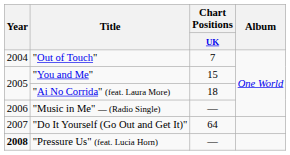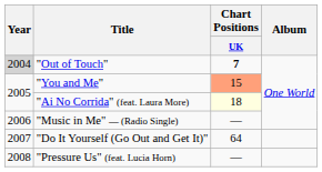 <table class="wikitable">
 <tr>
 <th rowspan="2">Year</th>
 <th rowspan="2">Title</th>
 <th colspan="1">Chart Positions</th>
 <th rowspan="2">Album</th>
 </tr>
 <tr>
 <th width="50"><small><a href='#'>UK</a></small></th>
 </tr>
 <tr>
-<td>2004</td>
+<td style="background: lightgrey;">2004</td>
 <td>"<a href='#'>Out of Touch</a>"</td>
-<td align="center">7</td>
+<td align="center"><strong>7</strong></td>
 <td rowspan="4"><em><a href='#'>One World</a></em></td>
 </tr>
 <tr>
 <td rowspan="2">2005</td>
 <td>"<a href='#'>You and Me</a>"</td>
-<td align="center">15</td>
+<td align="center" style="background: lightsalmon;">15</td>
 </tr>
 <tr>
 <td>"<a href='#'>Ai No Corrida</a>" <small>(feat. Laura More)</small></td>
-<td align="center">18</td>
+<td align="center" style="background: lightyellow;">18</td>
 </tr>
 <tr>
 <td>2006</td>
 <td>"Music in Me" <small>— (Radio Single)</small></td>
 <td align="center">—</td>
 </tr>
 <tr>
 <td>2007</td>
 <td>"Do It Yourself (Go Out and Get It)"</td>
 <td align="center">64</td>
 <td></td>
 </tr>
 <tr>
-<td><strong>2008</strong></td>
+<td>2008</td>
 <td>"Pressure Us" <small>(feat. Lucia Horn)</small></td>
 <td align="center">—</td>
 <td></td>
 </tr>
 </table>
